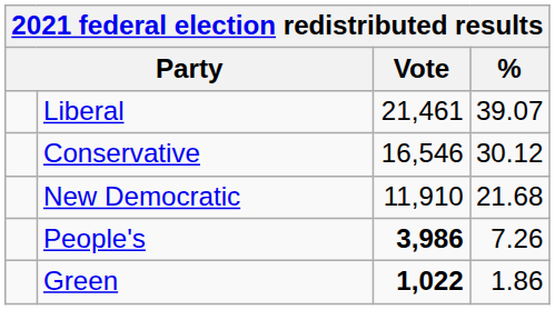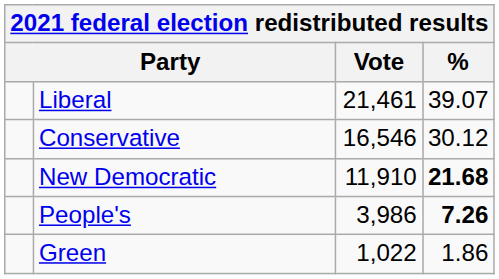 <table class="wikitable">
 <tr>
 <th colspan="4"><a href='#'>2021 federal election</a> redistributed results</th>
 </tr>
 <tr>
 <th bgcolor="#DDDDFF" width="130px" colspan="2">Party</th>
 <th bgcolor="#DDDDFF" width="50px">Vote</th>
 <th bgcolor="#DDDDFF" width="30px">%</th>
 </tr>
 <tr>
 <td> </td>
 <td><a href='#'>Liberal</a></td>
 <td align=right>21,461</td>
 <td align=right>39.07</td>
 </tr>
 <tr>
 <td> </td>
 <td><a href='#'>Conservative</a></td>
 <td align=right>16,546</td>
 <td align=right>30.12</td>
 </tr>
 <tr>
 <td> </td>
 <td><a href='#'>New Democratic</a></td>
 <td align=right>11,910</td>
-<td align=right>21.68</td>
+<td align=right><strong>21.68</strong></td>
 </tr>
 <tr>
 <td> </td>
 <td><a href='#'>People's</a></td>
-<td align=right><strong>3,986</strong></td>
-<td align=right>7.26</td>
+<td align=right>3,986</td>
+<td align=right><strong>7.26</strong></td>
 </tr>
 <tr>
 <td> </td>
 <td><a href='#'>Green</a></td>
-<td align=right><strong>1,022</strong></td>
+<td align=right>1,022</td>
 <td align=right>1.86</td>
 </tr>
 </table>
